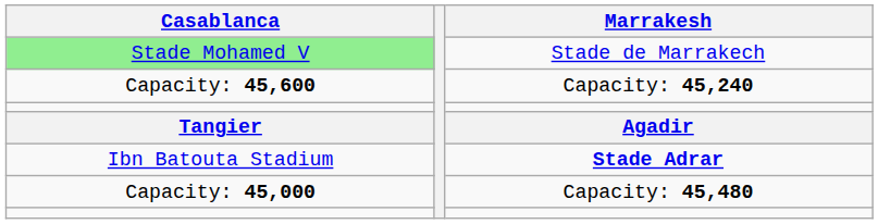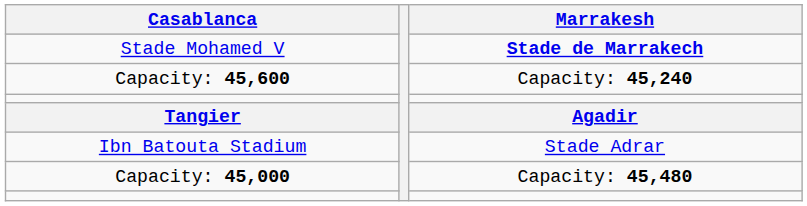 <table class=wikitable style="text-align:center;margin:1em auto;">
 <tr>
 <th width=275><a href='#'>Casablanca</a></th>
 <th rowspan=8><br></th>
 <th width=275><a href='#'>Marrakesh</a></th>
 </tr>
 <tr>
-<td style="background: lightgreen;"><a href='#'>Stade Mohamed V</a></td>
-<td><a href='#'>Stade de Marrakech</a></td>
+<td><a href='#'>Stade Mohamed V</a></td>
+<td><strong><a href='#'>Stade de Marrakech</a></strong></td>
 </tr>
 <tr>
 <td>Capacity: <strong>45,600</strong></td>
 <td>Capacity: <strong>45,240</strong></td>
 </tr>
 <tr>
 <td></td>
 <td></td>
 </tr>
 <tr>
 <th><a href='#'>Tangier</a></th>
 <th><a href='#'>Agadir</a></th>
 </tr>
 <tr>
 <td><a href='#'>Ibn Batouta Stadium</a></td>
-<td><strong><a href='#'>Stade Adrar</a></strong></td>
+<td><a href='#'>Stade Adrar</a></td>
 </tr>
 <tr>
 <td>Capacity: <strong>45,000</strong></td>
 <td>Capacity: <strong>45,480</strong></td>
 </tr>
 <tr>
 <td></td>
 <td></td>
 </tr>
 </table>
